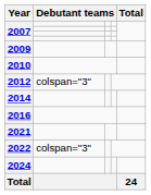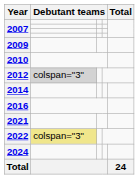 <table class="wikitable">
 <tr>
 <th>Year</th>
 <th colspan="3">Debutant teams</th>
 <th>Total</th>
 </tr>
 <tr>
 <th scope="rowgroup" rowspan="4"><a href='#'>2007</a></th>
 <td></td>
 <td></td>
 <td></td>
 <td rowspan="4"></td>
 </tr>
 <tr>
 <td></td>
 <td></td>
 <td></td>
 </tr>
 <tr>
 <td></td>
 <td></td>
 <td></td>
 </tr>
 <tr>
 <td></td>
 <td></td>
 <td></td>
 </tr>
 <tr>
 <th scope="row"><a href='#'>2009</a></th>
 <td></td>
 <td colspan="2"></td>
 <td></td>
 </tr>
 <tr>
 <th scope="row"><a href='#'>2010</a></th>
 <td colspan="3"></td>
 <td></td>
 </tr>
 <tr>
 <th scope="row"><a href='#'>2012</a></th>
-<td>colspan="3" </td>
+<td style="background: lightgrey;">colspan="3" </td>
 <td></td>
 </tr>
 <tr>
 <th scope="row"><a href='#'>2014</a></th>
 <td></td>
 <td></td>
 <td></td>
 <td></td>
 </tr>
 <tr>
 <th scope="row"><a href='#'>2016</a></th>
 <td colspan="3"></td>
 <td></td>
 </tr>
 <tr>
 <th scope="row"><a href='#'>2021</a></th>
 <td></td>
 <td colspan="2"></td>
 <td></td>
 </tr>
 <tr>
 <th scope="row"><a href='#'>2022</a></th>
-<td>colspan="3" </td>
+<td style="background: khaki;">colspan="3" </td>
 <td></td>
 </tr>
 <tr>
 <th scope="row"><a href='#'>2024</a></th>
 <td></td>
 <td></td>
 <td></td>
 <td></td>
 </tr>
 <tr class="sort-bottom">
 <th>Total</th>
 <th colspan="3"></th>
 <th>24</th>
 </tr>
 </table>
